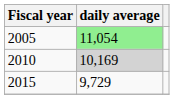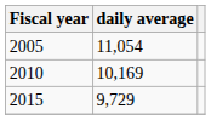 <table class="wikitable">
 <tr>
 <th>Fiscal year</th>
 <th>daily average</th>
 <th></th>
 </tr>
 <tr>
 <td>2005</td>
-<td style="background: lightgreen;">11,054</td>
+<td>11,054</td>
 <td></td>
 </tr>
 <tr>
 <td>2010</td>
-<td style="background: lightgrey;">10,169</td>
+<td>10,169</td>
 <td></td>
 </tr>
 <tr>
 <td>2015</td>
 <td>9,729</td>
 <td></td>
 </tr>
 <tr>
 </tr>
 </table>
